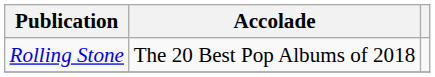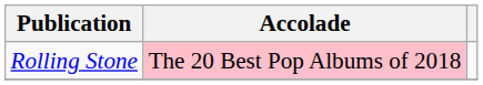 <table class="wikitable">
 <tr>
 <th>Publication</th>
 <th>Accolade</th>
 <th class="unsortable"></th>
 </tr>
 <tr>
 <td><em><a href='#'>Rolling Stone</a></em></td>
-<td>The 20 Best Pop Albums of 2018</td>
+<td style="background: pink;">The 20 Best Pop Albums of 2018</td>
 <td></td>
 </tr>
 <tr>
 </tr>
 </table>
